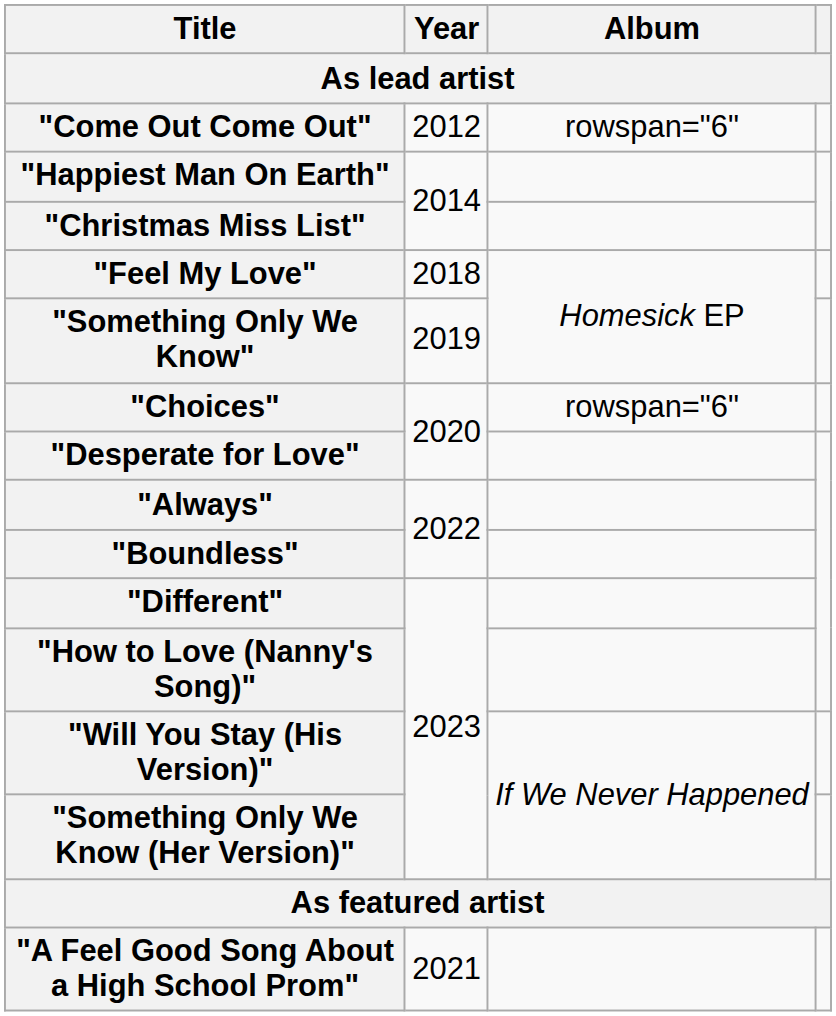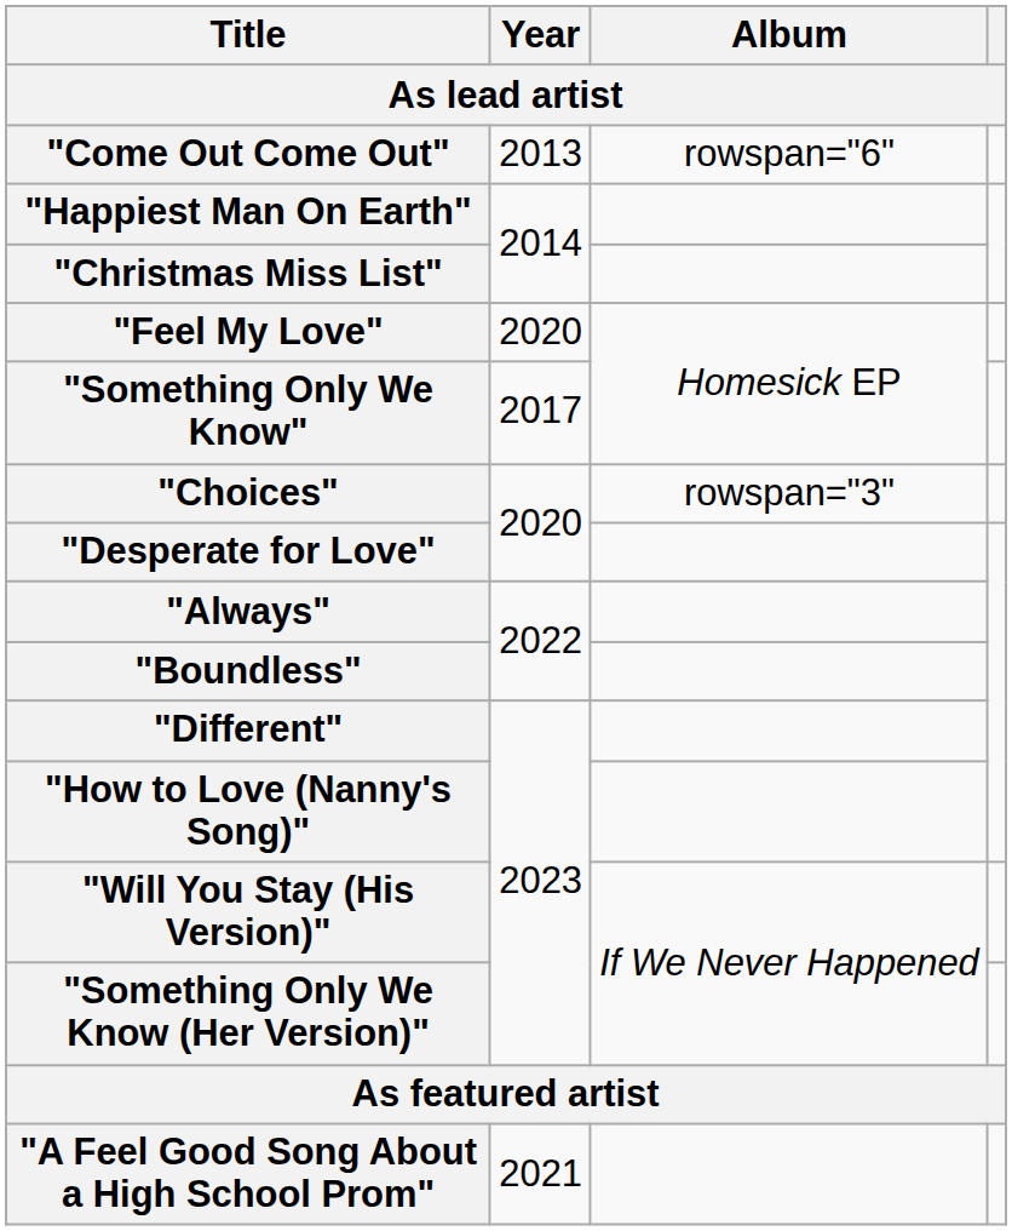 <table class="wikitable plainrowheaders" style="text-align:center;">
 <tr>
 <th scope="col" rowspan="1" style="width:200px;">Title</th>
 <th scope="col" rowspan="1">Year</th>
 <th scope="col" rowspan="1">Album</th>
 <th scope="col" rowspan="1"></th>
 </tr>
 <tr>
 <th scope="col" colspan="4">As lead artist</th>
 </tr>
 <tr>
 <th scope="row">"Come Out Come Out"</th>
-<td>2012</td>
+<td>2013</td>
 <td>rowspan="6" </td>
 <td></td>
 </tr>
 <tr>
 <th scope="row">"Happiest Man On Earth"</th>
 <td rowspan="2">2014</td>
 <td></td>
 </tr>
 <tr>
 <th scope="row">"Christmas Miss List"</th>
 <td></td>
 </tr>
 <tr>
 <th scope="row">"Feel My Love"</th>
-<td>2018</td>
+<td>2020</td>
 <td rowspan="2"><em>Homesick</em> EP</td>
 <td></td>
 </tr>
 <tr>
 <th scope="row">"Something Only We Know"</th>
-<td>2019</td>
+<td>2017</td>
 <td></td>
 </tr>
 <tr>
 <th scope="row">"Choices"</th>
 <td rowspan="2">2020</td>
-<td>rowspan="6" </td>
+<td>rowspan="3" </td>
 <td></td>
 </tr>
 <tr>
 <th scope="row">"Desperate for Love"</th>
 <td></td>
 </tr>
 <tr>
 <th scope="row">"Always"<br> </th>
 <td rowspan="2">2022</td>
 <td></td>
 </tr>
 <tr>
 <th scope="row">"Boundless"</th>
 <td></td>
 </tr>
 <tr>
 <th scope="row">"Different"</th>
 <td rowspan="4">2023</td>
 <td></td>
 </tr>
 <tr>
 <th scope="row">"How to Love (Nanny's Song)"</th>
 <td></td>
 </tr>
 <tr>
 <th scope="row">"Will You Stay (His Version)"<br> </th>
 <td rowspan="2"><em>If We Never Happened</em></td>
 <td></td>
 </tr>
 <tr>
 <th scope="row">"Something Only We Know (Her Version)"<br> </th>
 <td></td>
 </tr>
 <tr>
 <th scope="col" colspan="5">As featured artist</th>
 </tr>
 <tr>
 <th scope="row">"A Feel Good Song About a High School Prom"<br> </th>
 <td>2021</td>
 <td></td>
 <td></td>
 </tr>
 </table>
